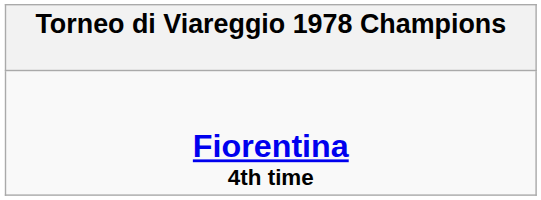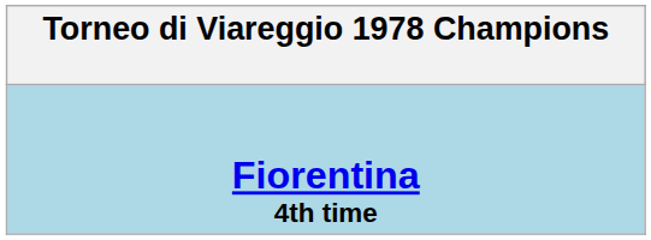 <table class="wikitable" style="margin: 0 auto; width: 30%;">
 <tr>
 <th><big>Torneo di Viareggio 1978 Champions</big><br><br></th>
 </tr>
 <tr>
-<td align=center><br><br><big><big><strong><a href='#'>Fiorentina</a></strong><br></big></big><strong>4th time</strong></td>
+<td align=center style="background: lightblue;"><br><br><big><big><strong><a href='#'>Fiorentina</a></strong><br></big></big><strong>4th time</strong></td>
 </tr>
 </table>
